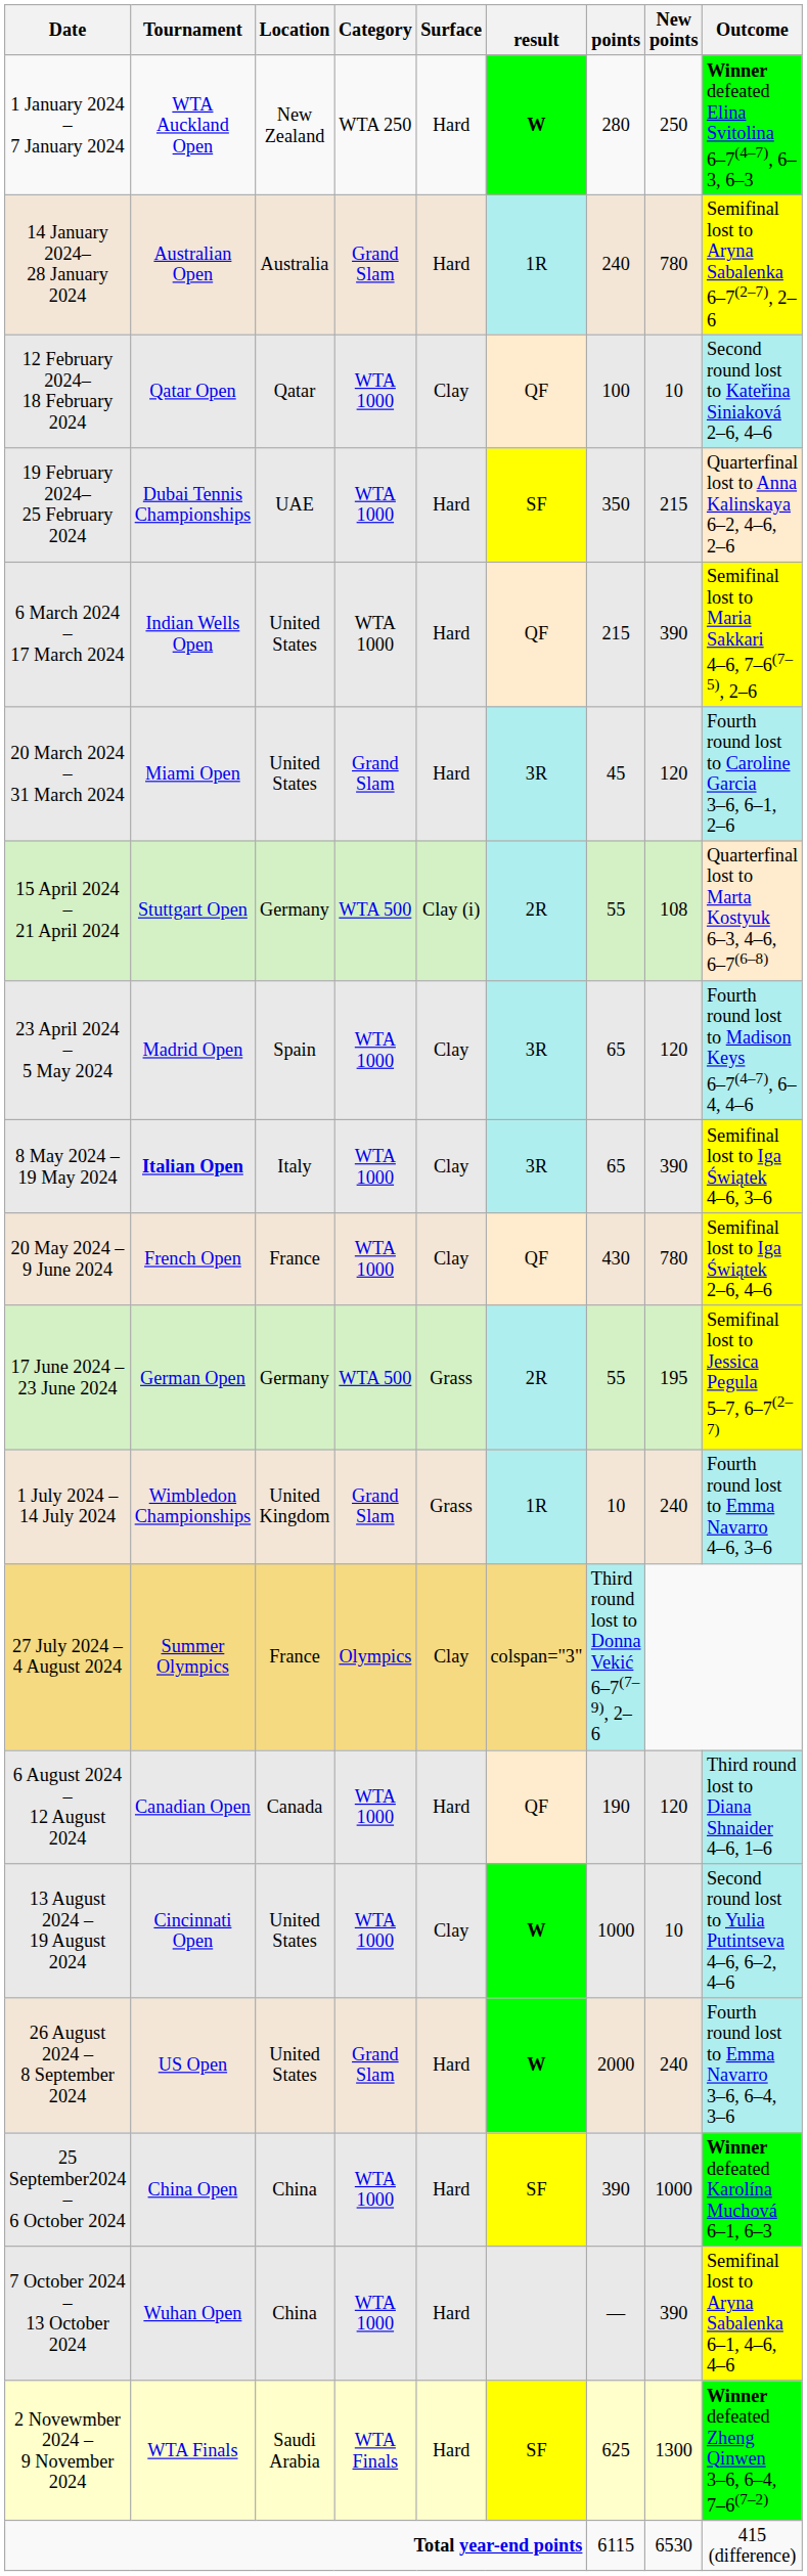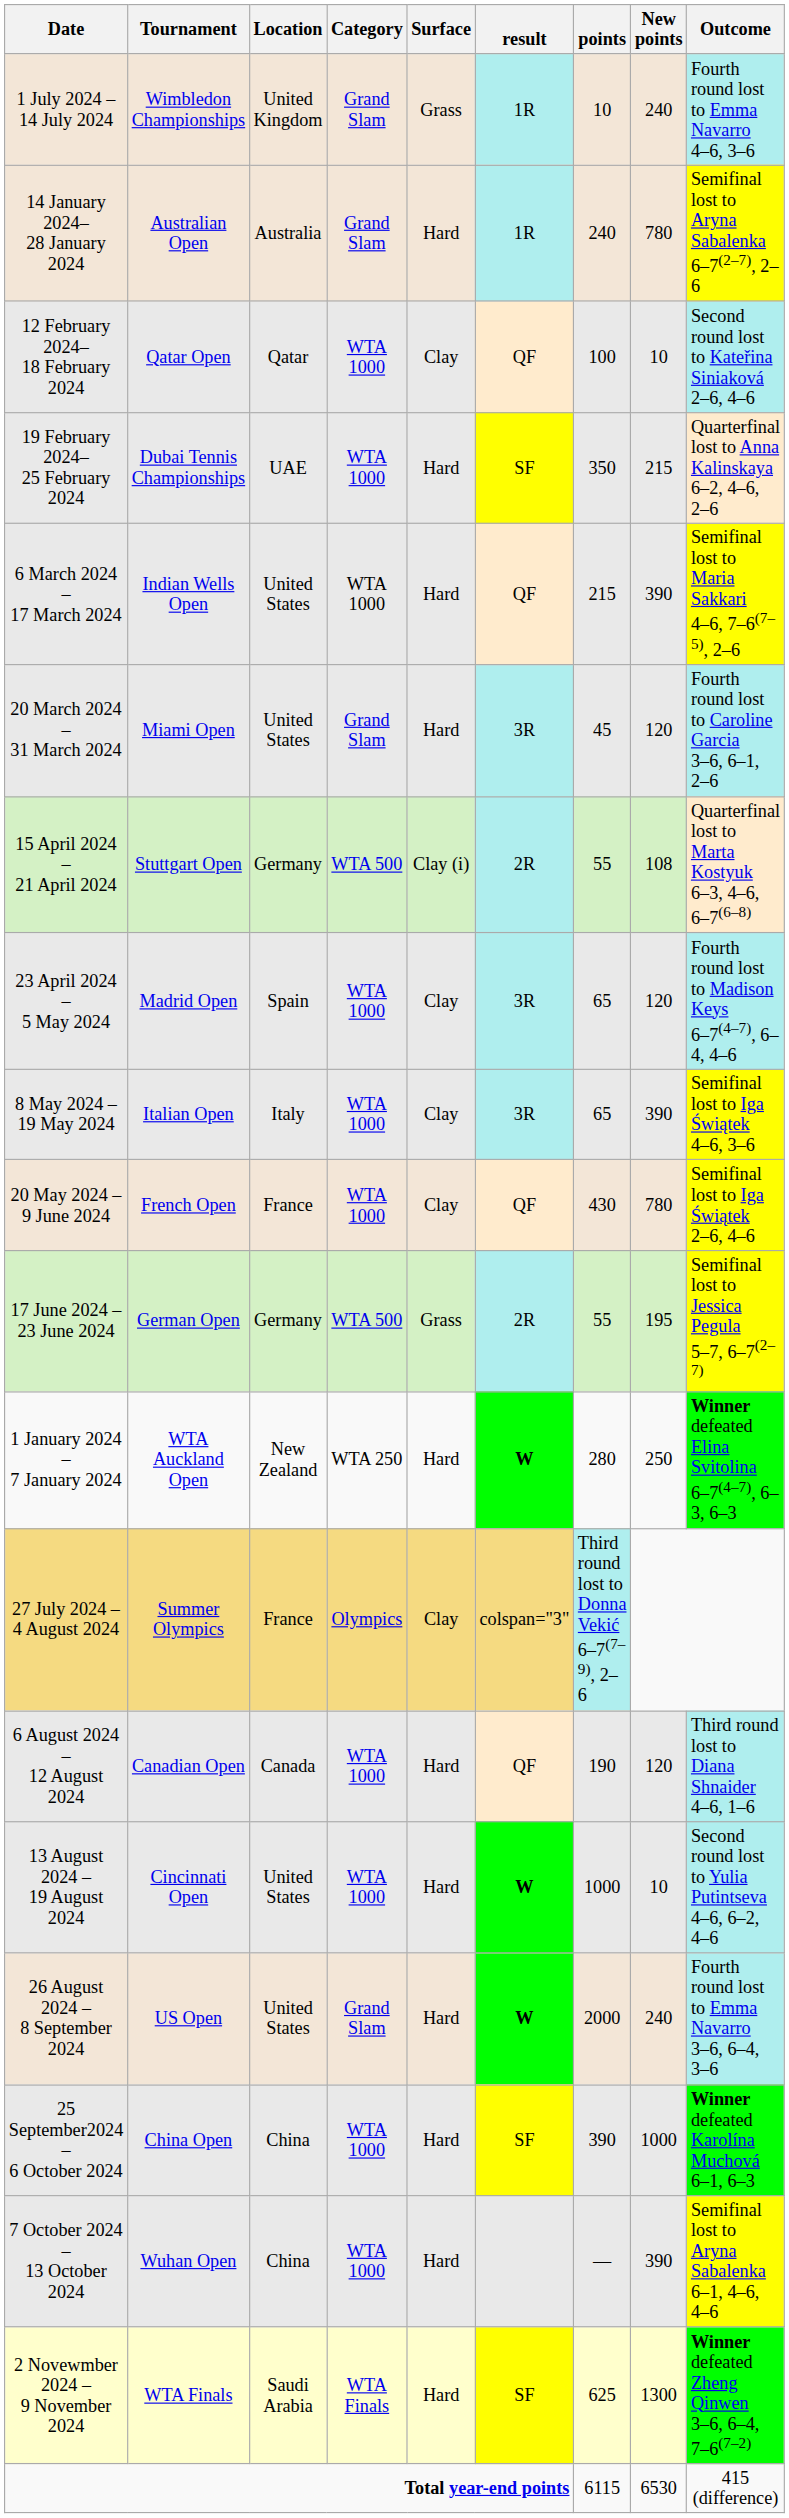 <table class=wikitable style=text-align:center;>
 <tr>
 <th>Date</th>
 <th>Tournament</th>
 <th>Location</th>
 <th>Category</th>
 <th>Surface</th>
 <th><br>result</th>
 <th><br>points</th>
 <th>New<br>points</th>
 <th>Outcome</th>
 </tr>
-<tr>
-<td>1 January 2024 –<br> 7 January 2024</td>
-<td><a href='#'>WTA Auckland Open</a></td>
-<td>New Zealand</td>
-<td>WTA 250</td>
-<td>Hard</td>
-<td bgcolor=lime><strong>W</strong></td>
-<td>280</td>
-<td>250</td>
-<td align=left bgcolor=lime><strong>Winner</strong> defeated  <a href='#'>Elina Svitolina</a> <br> 6–7<sup>(4–7)</sup>, 6–3, 6–3</td>
+<tr style="background:#f3e6d7">
+<td>1 July 2024 –<br>14 July 2024</td>
+<td><a href='#'>Wimbledon Championships</a></td>
+<td>United Kingdom</td>
+<td><a href='#'>Grand Slam</a></td>
+<td>Grass</td>
+<td bgcolor=afeeee>1R</td>
+<td>10</td>
+<td>240</td>
+<td align=left bgcolor=afeeee>Fourth round lost to  <a href='#'>Emma Navarro</a> <br> 4–6, 3–6</td>
 </tr>
 <tr style="background:#F3E6D7;">
 <td>14 January 2024–<br>28 January 2024</td>
 <td><a href='#'>Australian Open</a></td>
 <td>Australia</td>
 <td><a href='#'>Grand Slam</a></td>
 <td>Hard</td>
 <td bgcolor=afeeee>1R</td>
 <td>240</td>
 <td>780</td>
 <td align=left bgcolor=yellow>Semifinal lost to  <a href='#'>Aryna Sabalenka</a> <br> 6–7<sup>(2–7)</sup>, 2–6</td>
 </tr>
 <tr style="background:#e9e9e9;">
 <td>12 February 2024–<br>18 February 2024</td>
 <td><a href='#'>Qatar Open</a></td>
 <td>Qatar</td>
 <td><a href='#'>WTA 1000</a></td>
 <td>Clay</td>
 <td bgcolor=ffebcd>QF</td>
 <td>100</td>
 <td>10</td>
 <td align=left bgcolor=afeeee>Second round lost to  <a href='#'>Kateřina Siniaková</a> <br> 2–6, 4–6</td>
 </tr>
 <tr style="background:#e9e9e9;">
 <td>19 February 2024–<br>25 February 2024</td>
 <td><a href='#'>Dubai Tennis Championships</a></td>
 <td>UAE</td>
 <td><a href='#'>WTA 1000</a></td>
 <td>Hard</td>
 <td bgcolor=yellow>SF</td>
 <td>350</td>
 <td>215</td>
 <td align=left bgcolor=ffebcd>Quarterfinal lost to  <a href='#'>Anna Kalinskaya</a> <br> 6–2, 4–6, 2–6</td>
 </tr>
 <tr style="background:#e9e9e9;">
 <td>6 March 2024 –<br> 17 March 2024</td>
 <td><a href='#'>Indian Wells Open</a></td>
 <td>United States</td>
 <td>WTA 1000</td>
 <td>Hard</td>
 <td bgcolor=ffebcd>QF</td>
 <td>215</td>
 <td>390</td>
 <td align=left bgcolor=yellow>Semifinal lost to  <a href='#'>Maria Sakkari</a> <br> 4–6, 7–6<sup>(7–5)</sup>, 2–6</td>
 </tr>
 <tr style="background:#e9e9e9">
 <td>20 March 2024 –<br>31 March 2024</td>
 <td><a href='#'>Miami Open</a></td>
 <td>United States</td>
 <td><a href='#'>Grand Slam</a></td>
 <td>Hard</td>
 <td bgcolor=afeeee>3R</td>
 <td>45</td>
 <td>120</td>
 <td align=left bgcolor=afeeee>Fourth round lost to  <a href='#'>Caroline Garcia</a> <br> 3–6, 6–1, 2–6</td>
 </tr>
 <tr style="background:#d4f1c5">
 <td>15 April 2024 –<br>21 April 2024</td>
 <td><a href='#'>Stuttgart Open</a></td>
 <td>Germany</td>
 <td><a href='#'>WTA 500</a></td>
 <td>Clay (i)</td>
 <td bgcolor=afeeee>2R</td>
 <td>55</td>
 <td>108</td>
 <td align=left bgcolor=ffebcd>Quarterfinal lost to  <a href='#'>Marta Kostyuk</a> <br> 6–3, 4–6, 6–7<sup>(6–8)</sup></td>
 </tr>
 <tr style="background:#e9e9e9">
 <td>23 April 2024 –<br>5 May 2024</td>
 <td><a href='#'>Madrid Open</a></td>
 <td>Spain</td>
 <td><a href='#'>WTA 1000</a></td>
 <td>Clay</td>
 <td bgcolor=afeeee>3R</td>
 <td>65</td>
 <td>120</td>
 <td align=left bgcolor=afeeee>Fourth round lost to  <a href='#'>Madison Keys</a> <br> 6–7<sup>(4–7)</sup>, 6–4, 4–6</td>
 </tr>
 <tr style="background:#e9e9e9">
 <td>8 May 2024 –<br>19 May 2024</td>
-<td><strong><a href='#'>Italian Open</a></strong></td>
+<td><a href='#'>Italian Open</a></td>
 <td>Italy</td>
 <td><a href='#'>WTA 1000</a></td>
 <td>Clay</td>
 <td bgcolor=afeeee>3R</td>
 <td>65</td>
 <td>390</td>
 <td align=left bgcolor=yellow>Semifinal lost to  <a href='#'>Iga Świątek</a> <br> 4–6, 3–6</td>
 </tr>
 <tr style="background:#f3e6d7">
 <td>20 May 2024 –<br>9 June 2024</td>
 <td><a href='#'>French Open</a></td>
 <td>France</td>
 <td><a href='#'>WTA 1000</a></td>
 <td>Clay</td>
 <td bgcolor=ffebcd>QF</td>
 <td>430</td>
 <td>780</td>
 <td align=left bgcolor=yellow>Semifinal lost to  <a href='#'>Iga Świątek</a> <br> 2–6, 4–6</td>
 </tr>
 <tr style="background:#d4f1c5">
 <td>17 June 2024 –<br>23 June 2024</td>
 <td><a href='#'>German Open</a></td>
 <td>Germany</td>
 <td><a href='#'>WTA 500</a></td>
 <td>Grass</td>
 <td bgcolor=afeeee>2R</td>
 <td>55</td>
 <td>195</td>
 <td align=left bgcolor=yellow>Semifinal lost to  <a href='#'>Jessica Pegula</a> <br> 5–7, 6–7<sup>(2–7)</sup></td>
 </tr>
-<tr style="background:#f3e6d7">
-<td>1 July 2024 –<br>14 July 2024</td>
-<td><a href='#'>Wimbledon Championships</a></td>
-<td>United Kingdom</td>
-<td><a href='#'>Grand Slam</a></td>
-<td>Grass</td>
-<td bgcolor=afeeee>1R</td>
-<td>10</td>
-<td>240</td>
-<td align=left bgcolor=afeeee>Fourth round lost to  <a href='#'>Emma Navarro</a> <br> 4–6, 3–6</td>
+<tr>
+<td>1 January 2024 –<br> 7 January 2024</td>
+<td><a href='#'>WTA Auckland Open</a></td>
+<td>New Zealand</td>
+<td>WTA 250</td>
+<td>Hard</td>
+<td bgcolor=lime><strong>W</strong></td>
+<td>280</td>
+<td>250</td>
+<td align=left bgcolor=lime><strong>Winner</strong> defeated  <a href='#'>Elina Svitolina</a> <br> 6–7<sup>(4–7)</sup>, 6–3, 6–3</td>
 </tr>
 <tr style="background:#f5da81">
 <td>27 July 2024 –<br>4 August 2024</td>
 <td><a href='#'>Summer Olympics</a></td>
 <td>France</td>
 <td><a href='#'>Olympics</a></td>
 <td>Clay</td>
 <td>colspan="3" </td>
 <td align=left bgcolor=afeeee>Third round lost to  <a href='#'>Donna Vekić</a> <br> 6–7<sup>(7–9)</sup>, 2–6</td>
 </tr>
 <tr style="background:#e9e9e9">
 <td>6 August 2024 –<br>12 August 2024</td>
 <td><a href='#'>Canadian Open</a></td>
 <td>Canada</td>
 <td><a href='#'>WTA 1000</a></td>
 <td>Hard</td>
 <td bgcolor=ffebcd>QF</td>
 <td>190</td>
 <td>120</td>
 <td align=left bgcolor=afeeee>Third round lost to  <a href='#'>Diana Shnaider</a> <br> 4–6, 1–6</td>
 </tr>
 <tr style="background:#e9e9e9">
 <td>13 August 2024 –<br>19 August 2024</td>
 <td><a href='#'>Cincinnati Open</a></td>
 <td>United States</td>
 <td><a href='#'>WTA 1000</a></td>
-<td>Clay</td>
+<td>Hard</td>
 <td bgcolor=lime><strong>W</strong></td>
 <td>1000</td>
 <td>10</td>
 <td align=left bgcolor=afeeee>Second round lost to  <a href='#'>Yulia Putintseva</a> <br> 4–6, 6–2, 4–6</td>
 </tr>
 <tr style="background:#f3e6d7">
 <td>26 August 2024 –<br>8 September 2024</td>
 <td><a href='#'>US Open</a></td>
 <td>United States</td>
 <td><a href='#'>Grand Slam</a></td>
 <td>Hard</td>
 <td bgcolor=lime><strong>W</strong></td>
 <td>2000</td>
 <td>240</td>
 <td align=left bgcolor=afeeee>Fourth round lost to  <a href='#'>Emma Navarro</a> <br> 3–6, 6–4, 3–6</td>
 </tr>
 <tr style="background:#e9e9e9">
 <td>25 September2024 –<br>6 October 2024</td>
 <td><a href='#'>China Open</a></td>
 <td>China</td>
 <td><a href='#'>WTA 1000</a></td>
 <td>Hard</td>
 <td bgcolor=yellow>SF</td>
 <td>390</td>
 <td>1000</td>
 <td align=left bgcolor=lime><strong>Winner</strong> defeated  <a href='#'>Karolína Muchová</a> <br> 6–1, 6–3</td>
 </tr>
 <tr style="background:#e9e9e9">
 <td>7 October 2024 –<br>13 October 2024</td>
 <td><a href='#'>Wuhan Open</a></td>
 <td>China</td>
 <td><a href='#'>WTA 1000</a></td>
 <td>Hard</td>
 <td></td>
 <td>—</td>
 <td>390</td>
 <td align=left bgcolor=yellow>Semifinal lost to  <a href='#'>Aryna Sabalenka</a> <br> 6–1, 4–6, 4–6</td>
 </tr>
 <tr style="background:#ffffcc">
 <td>2 Novewmber 2024 –<br>9 November 2024</td>
 <td><a href='#'>WTA Finals</a></td>
 <td>Saudi Arabia</td>
 <td><a href='#'>WTA Finals</a></td>
 <td>Hard</td>
 <td style="text-align:center" bgcolor=yellow>SF</td>
 <td style="text-align:center">625</td>
 <td style="text-align:center">1300</td>
 <td align=left bgcolor=lime><strong>Winner</strong> defeated  <a href='#'>Zheng Qinwen</a> <br> 3–6, 6–4, 7–6<sup>(7–2)</sup></td>
 </tr>
 <tr>
 <td colspan="6" style="text-align:right"><strong>Total <a href='#'>year-end points</a></strong></td>
 <td>6115</td>
 <td>6530</td>
 <td> 415 (difference)</td>
 </tr>
 </table>
